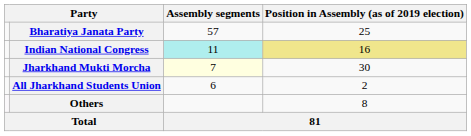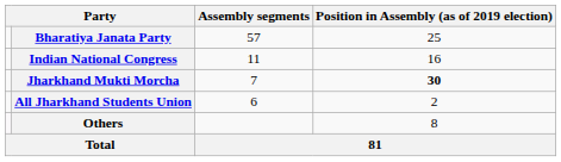 <table class="wikitable" style="text-align:center">
 <tr>
 <th colspan=2>Party</th>
 <th>Assembly segments</th>
 <th>Position in Assembly (as of 2019 election)</th>
 </tr>
 <tr>
 <td></td>
 <th><a href='#'>Bharatiya Janata Party</a></th>
 <td>57</td>
 <td>25</td>
 </tr>
 <tr>
 <td></td>
 <th><a href='#'>Indian National Congress</a></th>
-<td style="background: paleturquoise;">11</td>
-<td style="background: khaki;">16</td>
+<td>11</td>
+<td>16</td>
 </tr>
 <tr>
 <td></td>
 <th><a href='#'>Jharkhand Mukti Morcha</a></th>
-<td style="background: lightyellow;">7</td>
-<td>30</td>
+<td>7</td>
+<td><strong>30</strong></td>
 </tr>
 <tr>
 <td></td>
 <th><a href='#'>All Jharkhand Students Union</a></th>
 <td>6</td>
 <td>2</td>
 </tr>
 <tr>
 <td bgcolor=#faf8fa></td>
 <th>Others</th>
 <td></td>
 <td>8</td>
 </tr>
 <tr>
 <th colspan=2>Total</th>
 <th colspan=2>81</th>
 </tr>
 </table>
